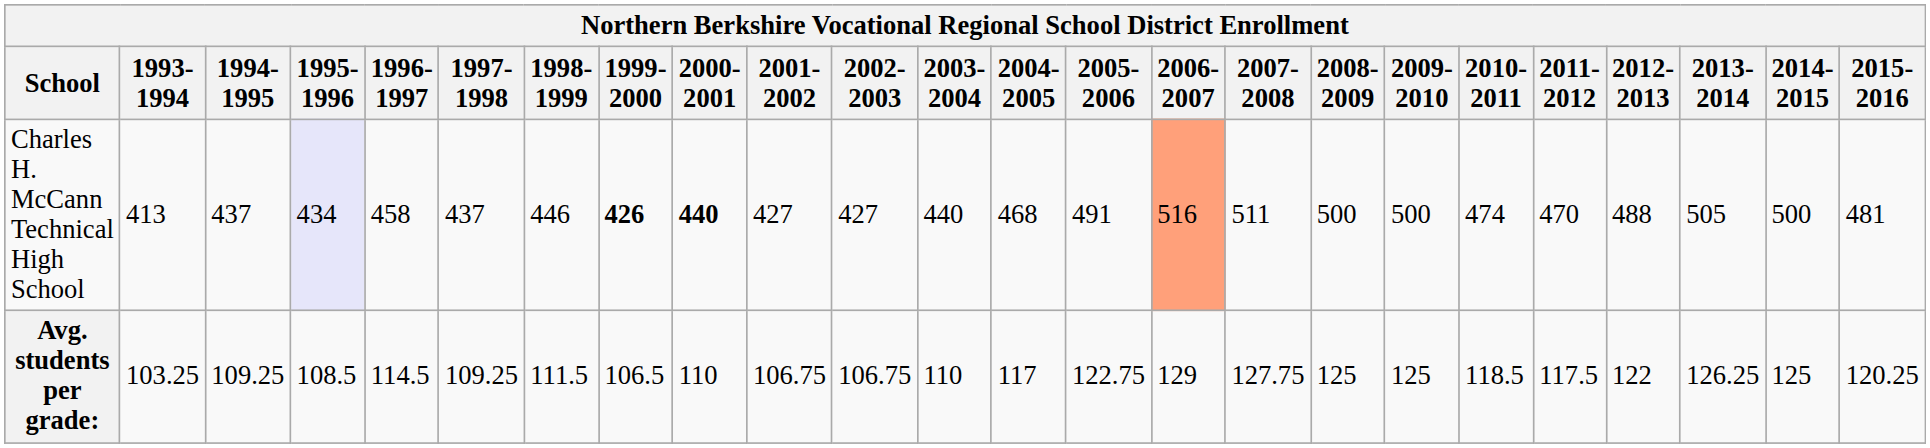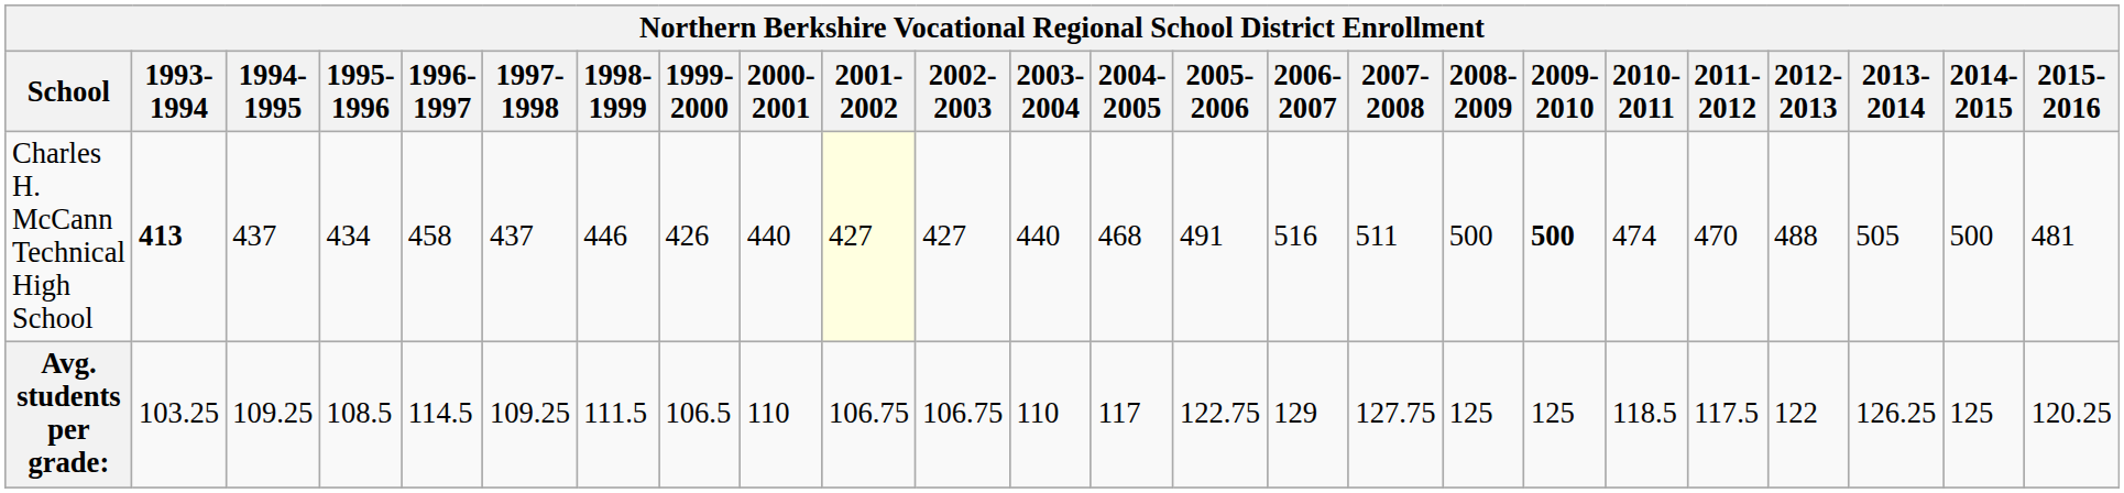 <table class=wikitable>
 <tr>
 <th colspan = 24>Northern Berkshire Vocational Regional School District Enrollment</th>
 </tr>
 <tr>
 <th colspan = 1.75>School</th>
 <th>1993-1994</th>
 <th>1994-1995</th>
 <th>1995-1996</th>
 <th>1996-1997</th>
 <th>1997-1998</th>
 <th>1998-1999</th>
 <th>1999-2000</th>
 <th>2000-2001</th>
 <th>2001-2002</th>
 <th>2002-2003</th>
 <th>2003-2004</th>
 <th>2004-2005</th>
 <th>2005-2006</th>
 <th>2006-2007</th>
 <th>2007-2008</th>
 <th>2008-2009</th>
 <th>2009-2010</th>
 <th>2010-2011</th>
 <th>2011-2012</th>
 <th>2012-2013</th>
 <th>2013-2014</th>
 <th>2014-2015</th>
 <th>2015-2016</th>
 </tr>
 <tr>
 <td aligned = center>Charles H. McCann Technical High School</td>
-<td aligned = center>413</td>
+<td aligned = center><strong>413</strong></td>
 <td aligned = center>437</td>
-<td aligned = center style="background: lavender;">434</td>
+<td aligned = center>434</td>
 <td aligned = center>458</td>
 <td aligned = center>437</td>
 <td aligned = center>446</td>
-<td aligned = center><strong>426</strong></td>
-<td aligned = center><strong>440</strong></td>
-<td aligned = center>427</td>
+<td aligned = center>426</td>
+<td aligned = center>440</td>
+<td aligned = center style="background: lightyellow;">427</td>
 <td aligned = center>427</td>
 <td aligned = center>440</td>
 <td aligned = center>468</td>
 <td aligned = center>491</td>
-<td aligned = center style="background: lightsalmon;">516</td>
+<td aligned = center>516</td>
 <td aligned = center>511</td>
 <td aligned = center>500</td>
-<td aligned = center>500</td>
+<td aligned = center><strong>500</strong></td>
 <td aligned = center>474</td>
 <td aligned = center>470</td>
 <td aligned = center>488</td>
 <td aligned = center>505</td>
 <td aligned = center>500</td>
 <td aligned = center>481</td>
 </tr>
 <tr>
 <th>Avg. students per grade:</th>
 <td aligned = center>103.25</td>
 <td aligned = center>109.25</td>
 <td aligned = center>108.5</td>
 <td aligned = center>114.5</td>
 <td aligned = center>109.25</td>
 <td aligned = center>111.5</td>
 <td aligned = center>106.5</td>
 <td aligned = center>110</td>
 <td aligned = center>106.75</td>
 <td aligned = center>106.75</td>
 <td aligned = center>110</td>
 <td aligned = center>117</td>
 <td aligned = center>122.75</td>
 <td aligned = center>129</td>
 <td aligned = center>127.75</td>
 <td aligned = center>125</td>
 <td aligned = center>125</td>
 <td aligned = center>118.5</td>
 <td aligned = center>117.5</td>
 <td aligned = center>122</td>
 <td aligned = center>126.25</td>
 <td aligned = center>125</td>
 <td aligned = center>120.25</td>
 </tr>
 </table>
